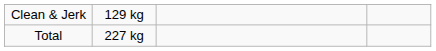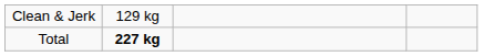 <table class = "wikitable" style="text-align:center;">
 <tr>
 <td width=100>Clean & Jerk</td>
 <td width=70>129 kg</td>
 <td width=250 align=left></td>
 <td width=70></td>
 </tr>
 <tr>
 <td>Total</td>
-<td>227 kg</td>
+<td><strong>227 kg</strong></td>
 <td align=left></td>
 <td></td>
 </tr>
 </table>
